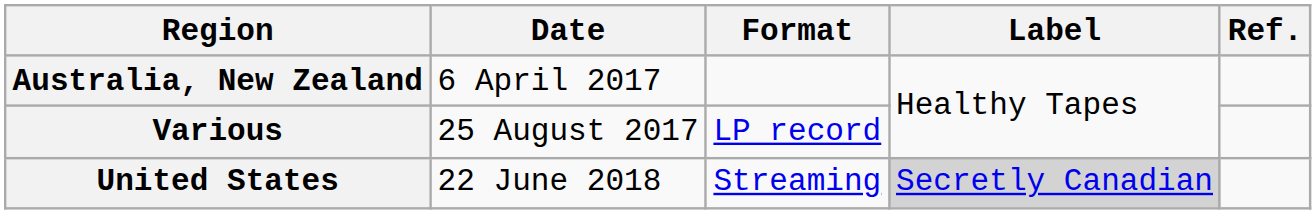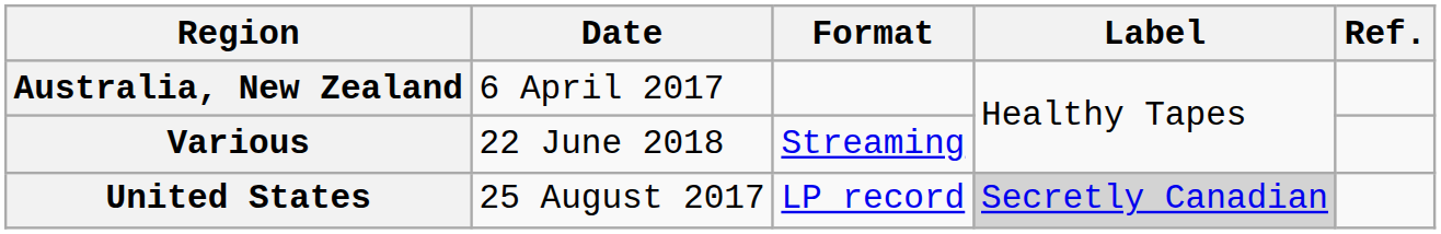 <table class="wikitable plainrowheaders" align="centre">
 <tr>
 <th>Region</th>
 <th>Date</th>
 <th>Format</th>
 <th>Label</th>
 <th>Ref.</th>
 </tr>
 <tr>
 <th scope="row">Australia, New Zealand</th>
 <td>6 April 2017</td>
 <td></td>
 <td rowspan="2">Healthy Tapes</td>
 <td></td>
 </tr>
 <tr>
 <th scope="row">Various</th>
-<td>25 August 2017</td>
-<td><a href='#'>LP record</a></td>
+<td>22 June 2018</td>
+<td><a href='#'>Streaming</a></td>
 <td></td>
 </tr>
 <tr>
 <th scope="row">United States</th>
-<td>22 June 2018</td>
-<td><a href='#'>Streaming</a></td>
+<td>25 August 2017</td>
+<td><a href='#'>LP record</a></td>
 <td style="background: lightgrey;"><a href='#'>Secretly Canadian</a></td>
 <td></td>
 </tr>
 </table>
